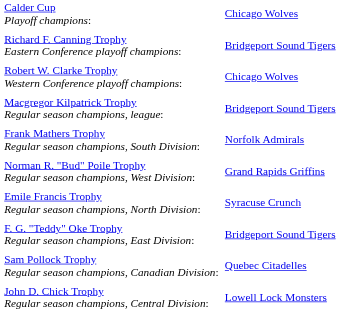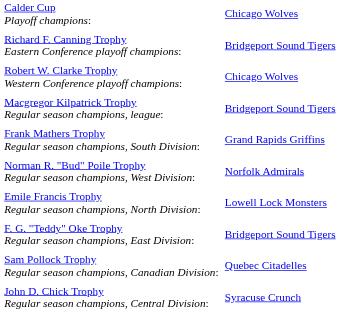 <table cellpadding="3" cellspacing="3">
 <tr>
 <td><a href='#'>Calder Cup</a><br><em>Playoff champions</em>:</td>
 <td><a href='#'>Chicago Wolves</a></td>
 </tr>
 <tr>
 <td><a href='#'>Richard F. Canning Trophy</a><br><em>Eastern Conference playoff champions</em>:</td>
 <td><a href='#'>Bridgeport Sound Tigers</a></td>
 </tr>
 <tr>
 <td><a href='#'>Robert W. Clarke Trophy</a><br><em>Western Conference playoff champions</em>:</td>
 <td><a href='#'>Chicago Wolves</a></td>
 </tr>
 <tr>
 <td><a href='#'>Macgregor Kilpatrick Trophy</a><br><em>Regular season champions, league</em>:</td>
 <td><a href='#'>Bridgeport Sound Tigers</a></td>
 </tr>
 <tr>
 <td><a href='#'>Frank Mathers Trophy</a><br><em>Regular season champions, South Division</em>:</td>
+<td><a href='#'>Grand Rapids Griffins</a></td>
+</tr>
+<tr>
+<td><a href='#'>Norman R. "Bud" Poile Trophy</a><br><em>Regular season champions, West Division</em>:</td>
 <td><a href='#'>Norfolk Admirals</a></td>
 </tr>
 <tr>
-<td><a href='#'>Norman R. "Bud" Poile Trophy</a><br><em>Regular season champions, West Division</em>:</td>
-<td><a href='#'>Grand Rapids Griffins</a></td>
-</tr>
-<tr>
 <td><a href='#'>Emile Francis Trophy</a><br><em>Regular season champions, North Division</em>:</td>
-<td><a href='#'>Syracuse Crunch</a></td>
+<td><a href='#'>Lowell Lock Monsters</a></td>
 </tr>
 <tr>
 <td><a href='#'>F. G. "Teddy" Oke Trophy</a><br><em>Regular season champions, East Division</em>:</td>
 <td><a href='#'>Bridgeport Sound Tigers</a></td>
 </tr>
 <tr>
 <td><a href='#'>Sam Pollock Trophy</a><br><em>Regular season champions, Canadian Division</em>:</td>
 <td><a href='#'>Quebec Citadelles</a></td>
 </tr>
 <tr>
 <td><a href='#'>John D. Chick Trophy</a><br><em>Regular season champions, Central Division</em>:</td>
-<td><a href='#'>Lowell Lock Monsters</a></td>
+<td><a href='#'>Syracuse Crunch</a></td>
 </tr>
 </table>
